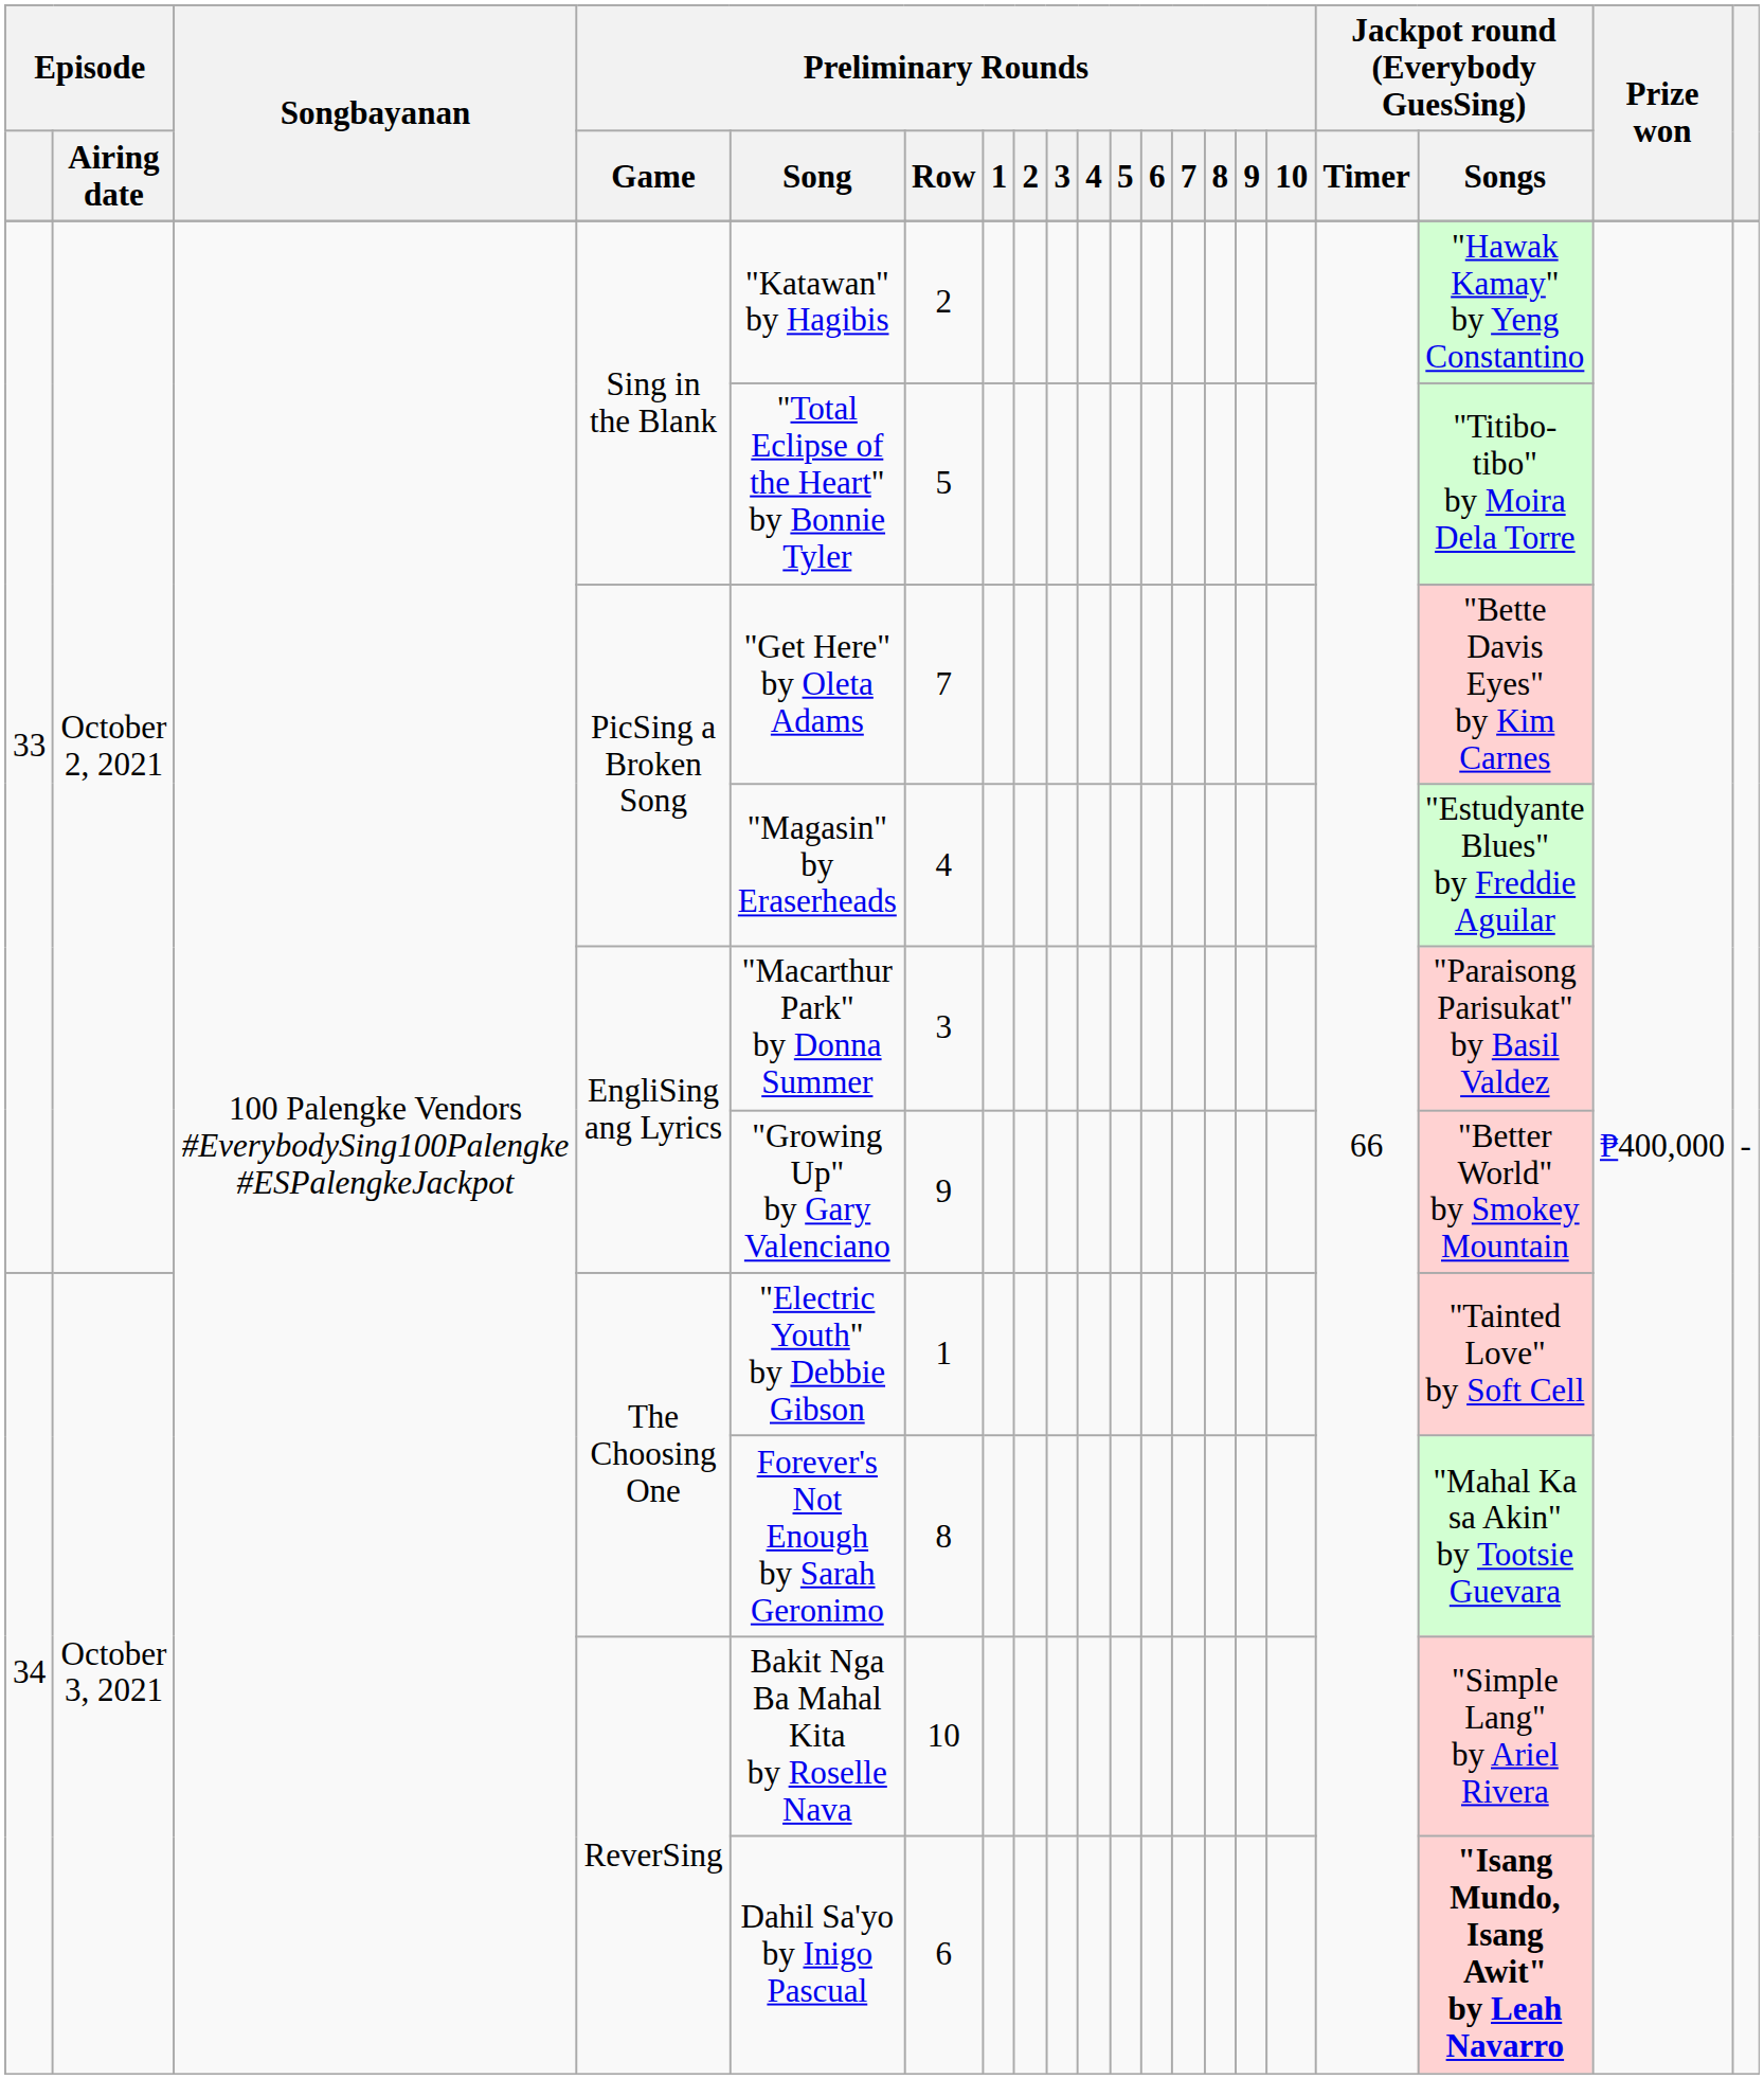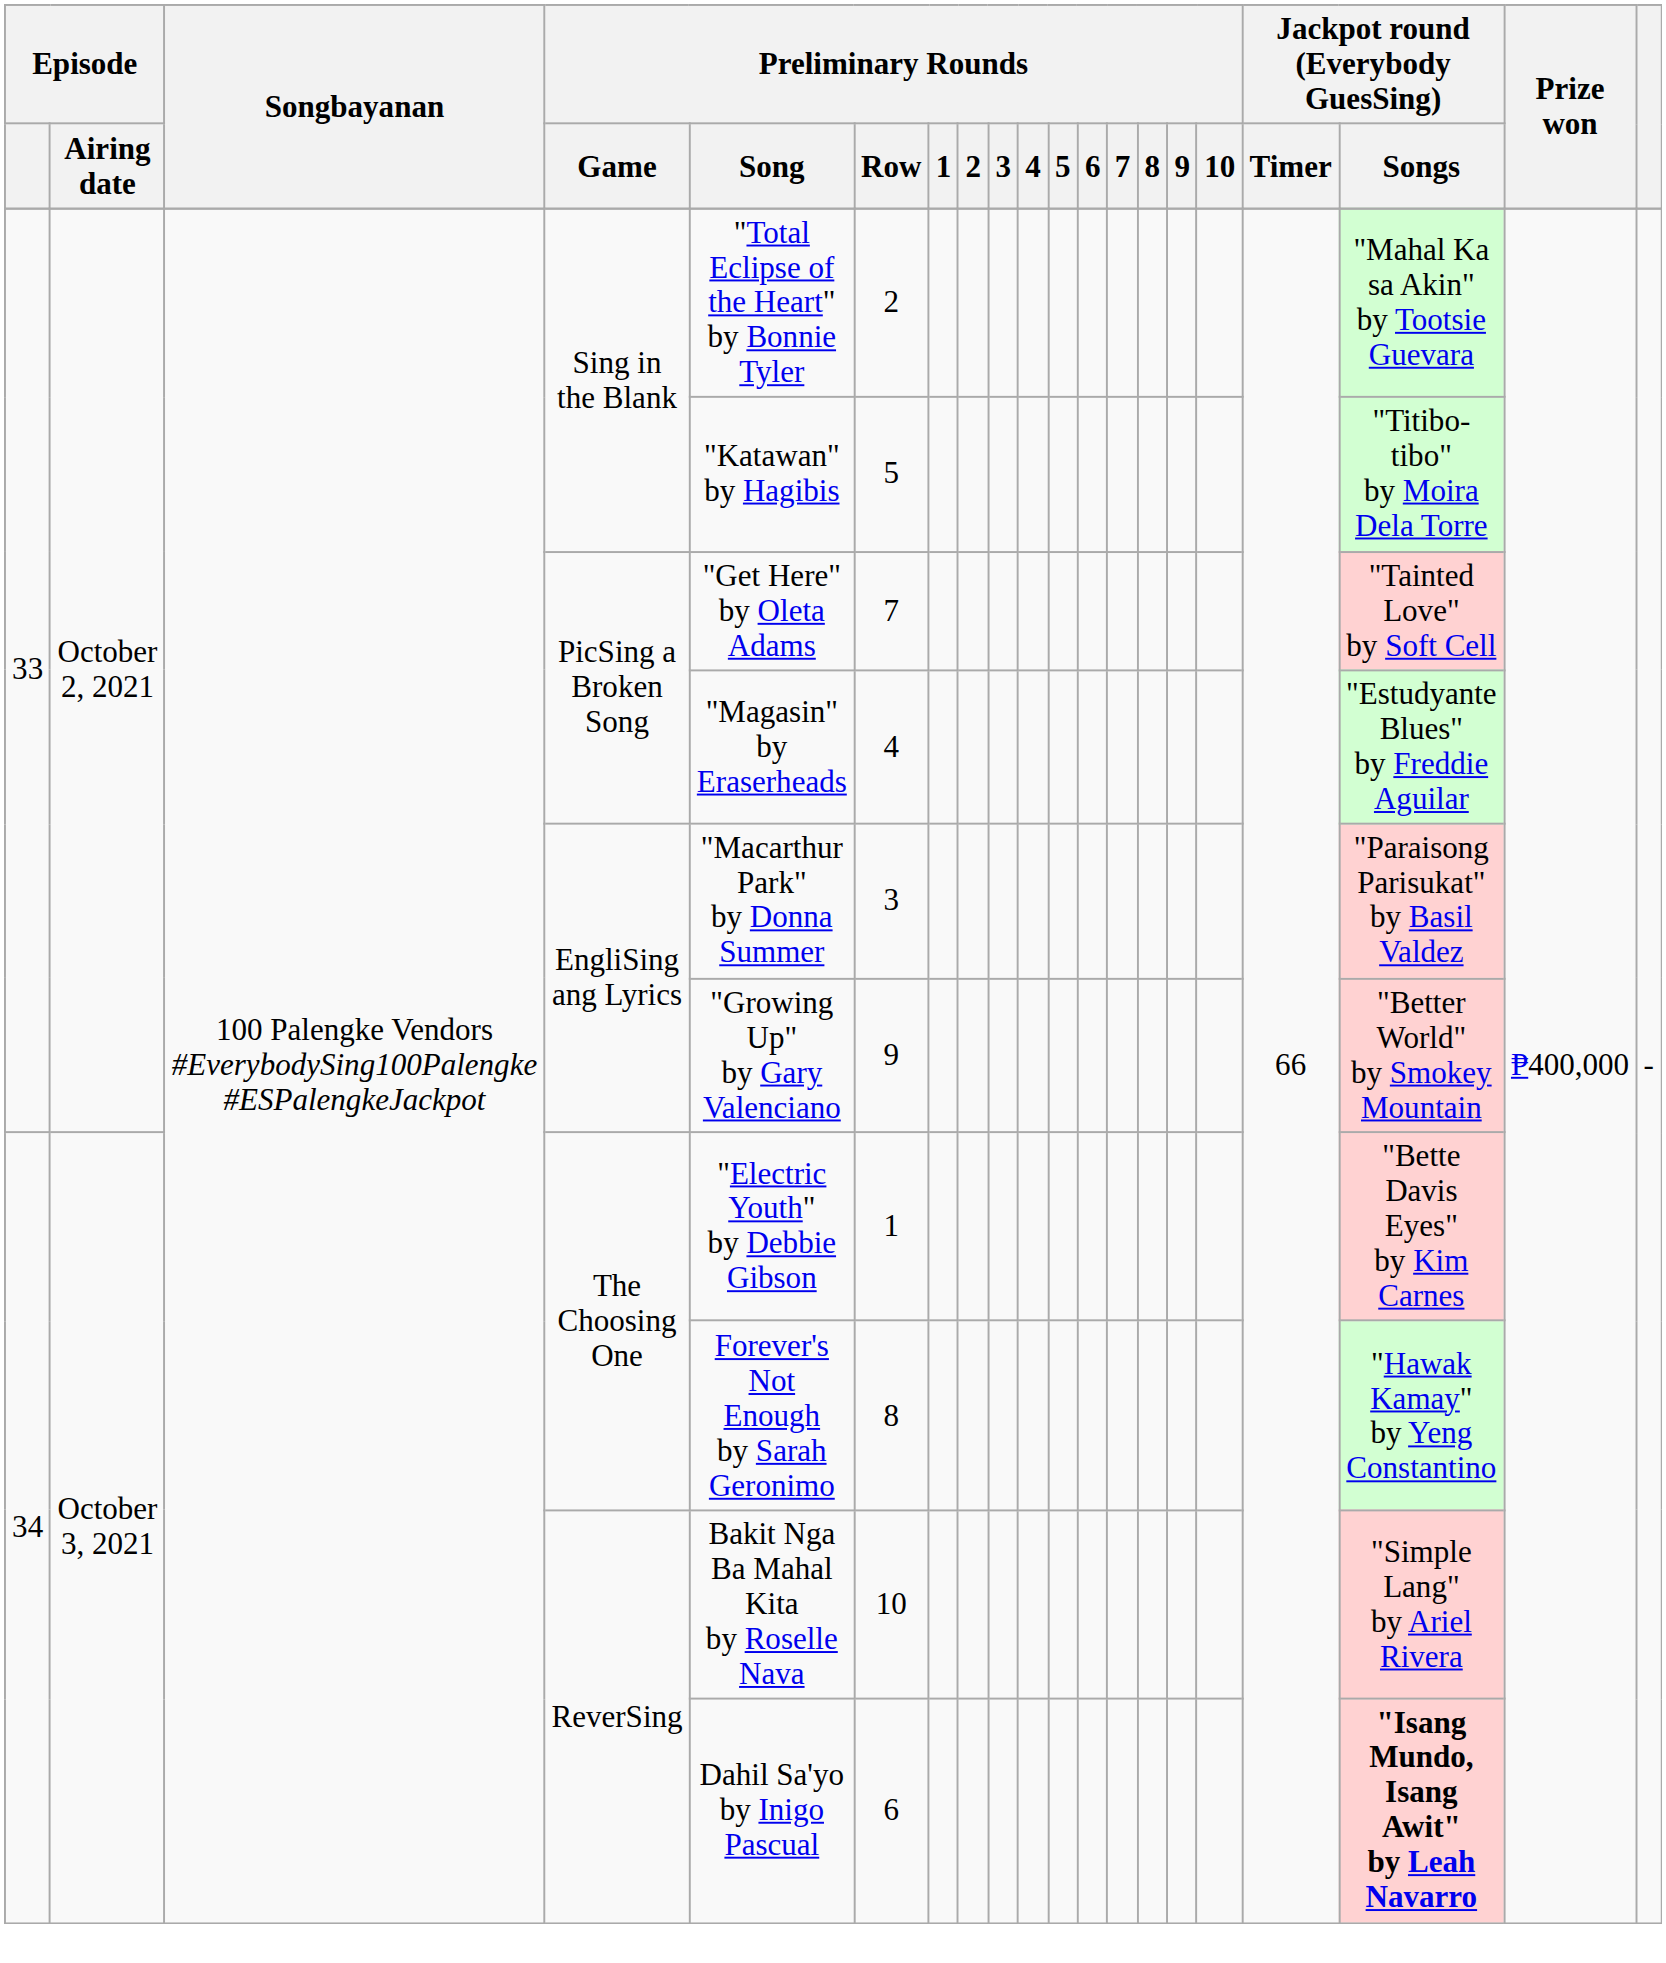 <table class="wikitable mw-collapsible mw-collapsed" style="text-align:center; width:100%">
 <tr>
 <th colspan=2>Episode</th>
 <th rowspan=2>Songbayanan</th>
 <th colspan=13>Preliminary Rounds</th>
 <th colspan=2>Jackpot round<br><strong>(Everybody GuesSing)</strong></th>
 <th rowspan=2>Prize won</th>
 <th rowspan=2></th>
 </tr>
 <tr>
 <th></th>
 <th>Airing date</th>
 <th>Game</th>
 <th>Song</th>
 <th>Row</th>
 <th>1</th>
 <th>2</th>
 <th>3</th>
 <th>4</th>
 <th>5</th>
 <th>6</th>
 <th>7</th>
 <th>8</th>
 <th>9</th>
 <th>10</th>
 <th>Timer</th>
 <th>Songs</th>
 </tr>
 <tr>
 </tr>
 <tr>
 </tr>
 <tr>
 <td rowspan=6>33</td>
 <td rowspan=6>October 2, 2021</td>
 <td rowspan=10>100 Palengke Vendors <br> <em>#EverybodySing100Palengke</em> <br> <em>#ESPalengkeJackpot</em></td>
 <td rowspan=2>Sing in the Blank</td>
-<td>"Katawan" <br> by <a href='#'>Hagibis</a></td>
+<td>"<a href='#'>Total Eclipse of the Heart</a>" <br> by <a href='#'>Bonnie Tyler</a></td>
 <td>2</td>
 <td></td>
 <td></td>
 <td></td>
 <td></td>
 <td></td>
 <td></td>
 <td></td>
 <td></td>
 <td></td>
 <td></td>
 <td rowspan=10>66 </td>
-<td bgcolor=D2FFD2>"<a href='#'>Hawak Kamay</a>"<br>by <a href='#'>Yeng Constantino</a></td>
+<td bgcolor=D2FFD2>"Mahal Ka sa Akin"<br>by <a href='#'>Tootsie Guevara</a></td>
 <td rowspan=10><a href='#'>₱</a>400,000</td>
 <td rowspan=10>-</td>
 </tr>
 <tr>
-<td>"<a href='#'>Total Eclipse of the Heart</a>" <br> by <a href='#'>Bonnie Tyler</a></td>
+<td>"Katawan" <br> by <a href='#'>Hagibis</a></td>
 <td>5</td>
 <td></td>
 <td></td>
 <td></td>
 <td></td>
 <td></td>
 <td></td>
 <td></td>
 <td></td>
 <td></td>
 <td></td>
 <td bgcolor=D2FFD2>"Titibo-tibo"<br>by <a href='#'>Moira Dela Torre</a></td>
 </tr>
 <tr>
 <td rowspan=2>PicSing a Broken Song</td>
 <td>"Get Here" <br> by <a href='#'>Oleta Adams</a></td>
 <td>7</td>
 <td></td>
 <td></td>
 <td></td>
 <td></td>
 <td></td>
 <td></td>
 <td></td>
 <td></td>
 <td></td>
 <td></td>
-<td bgcolor=FFD2D2>"Bette Davis Eyes"<br>by <a href='#'>Kim Carnes</a></td>
+<td bgcolor=FFD2D2>"Tainted Love"<br>by <a href='#'>Soft Cell</a></td>
 </tr>
 <tr>
 <td>"Magasin" <br> by <a href='#'>Eraserheads</a></td>
 <td>4</td>
 <td></td>
 <td></td>
 <td></td>
 <td></td>
 <td></td>
 <td></td>
 <td></td>
 <td></td>
 <td></td>
 <td></td>
 <td bgcolor=D2FFD2>"Estudyante Blues"<br>by <a href='#'>Freddie Aguilar</a></td>
 </tr>
 <tr>
 <td rowspan=2>EngliSing ang Lyrics</td>
 <td>"Macarthur Park" <br> by <a href='#'>Donna Summer</a></td>
 <td>3</td>
 <td></td>
 <td></td>
 <td></td>
 <td></td>
 <td></td>
 <td></td>
 <td></td>
 <td></td>
 <td></td>
 <td></td>
 <td bgcolor=FFD2D2>"Paraisong Parisukat"<br>by <a href='#'>Basil Valdez</a></td>
 </tr>
 <tr>
 <td>"Growing Up" <br> by <a href='#'>Gary Valenciano</a></td>
 <td>9</td>
 <td></td>
 <td></td>
 <td></td>
 <td></td>
 <td></td>
 <td></td>
 <td></td>
 <td></td>
 <td></td>
 <td></td>
 <td bgcolor=FFD2D2>"Better World"<br>by <a href='#'>Smokey Mountain</a></td>
 </tr>
 <tr>
 <td rowspan=4>34</td>
 <td rowspan=4>October 3, 2021</td>
 <td rowspan=2>The Choosing One</td>
 <td>"<a href='#'>Electric Youth</a>" <br> by <a href='#'>Debbie Gibson</a></td>
 <td>1</td>
 <td></td>
 <td></td>
 <td></td>
 <td></td>
 <td></td>
 <td></td>
 <td></td>
 <td></td>
 <td></td>
 <td></td>
-<td bgcolor=FFD2D2>"Tainted Love"<br>by <a href='#'>Soft Cell</a></td>
+<td bgcolor=FFD2D2>"Bette Davis Eyes"<br>by <a href='#'>Kim Carnes</a></td>
 </tr>
 <tr>
 <td><a href='#'>Forever's Not Enough</a> <br> by <a href='#'>Sarah Geronimo</a></td>
 <td>8</td>
 <td></td>
 <td></td>
 <td></td>
 <td></td>
 <td></td>
 <td></td>
 <td></td>
 <td></td>
 <td></td>
 <td></td>
-<td bgcolor=D2FFD2>"Mahal Ka sa Akin"<br>by <a href='#'>Tootsie Guevara</a></td>
+<td bgcolor=D2FFD2>"<a href='#'>Hawak Kamay</a>"<br>by <a href='#'>Yeng Constantino</a></td>
 </tr>
 <tr>
 <td rowspan=2>ReverSing</td>
 <td>Bakit Nga Ba Mahal Kita <br> by <a href='#'>Roselle Nava</a></td>
 <td>10</td>
 <td></td>
 <td></td>
 <td></td>
 <td></td>
 <td></td>
 <td></td>
 <td></td>
 <td></td>
 <td></td>
 <td></td>
 <td bgcolor=FFD2D2>"Simple Lang"<br>by <a href='#'>Ariel Rivera</a></td>
 </tr>
 <tr>
 <td>Dahil Sa'yo <br>by <a href='#'>Inigo Pascual</a></td>
 <td>6</td>
 <td></td>
 <td></td>
 <td></td>
 <td></td>
 <td></td>
 <td></td>
 <td></td>
 <td></td>
 <td></td>
 <td></td>
 <td bgcolor=FFD2D2><strong>"Isang Mundo, Isang Awit"<br>by <a href='#'>Leah Navarro</a></strong></td>
 </tr>
 <tr>
 </tr>
 </table>
